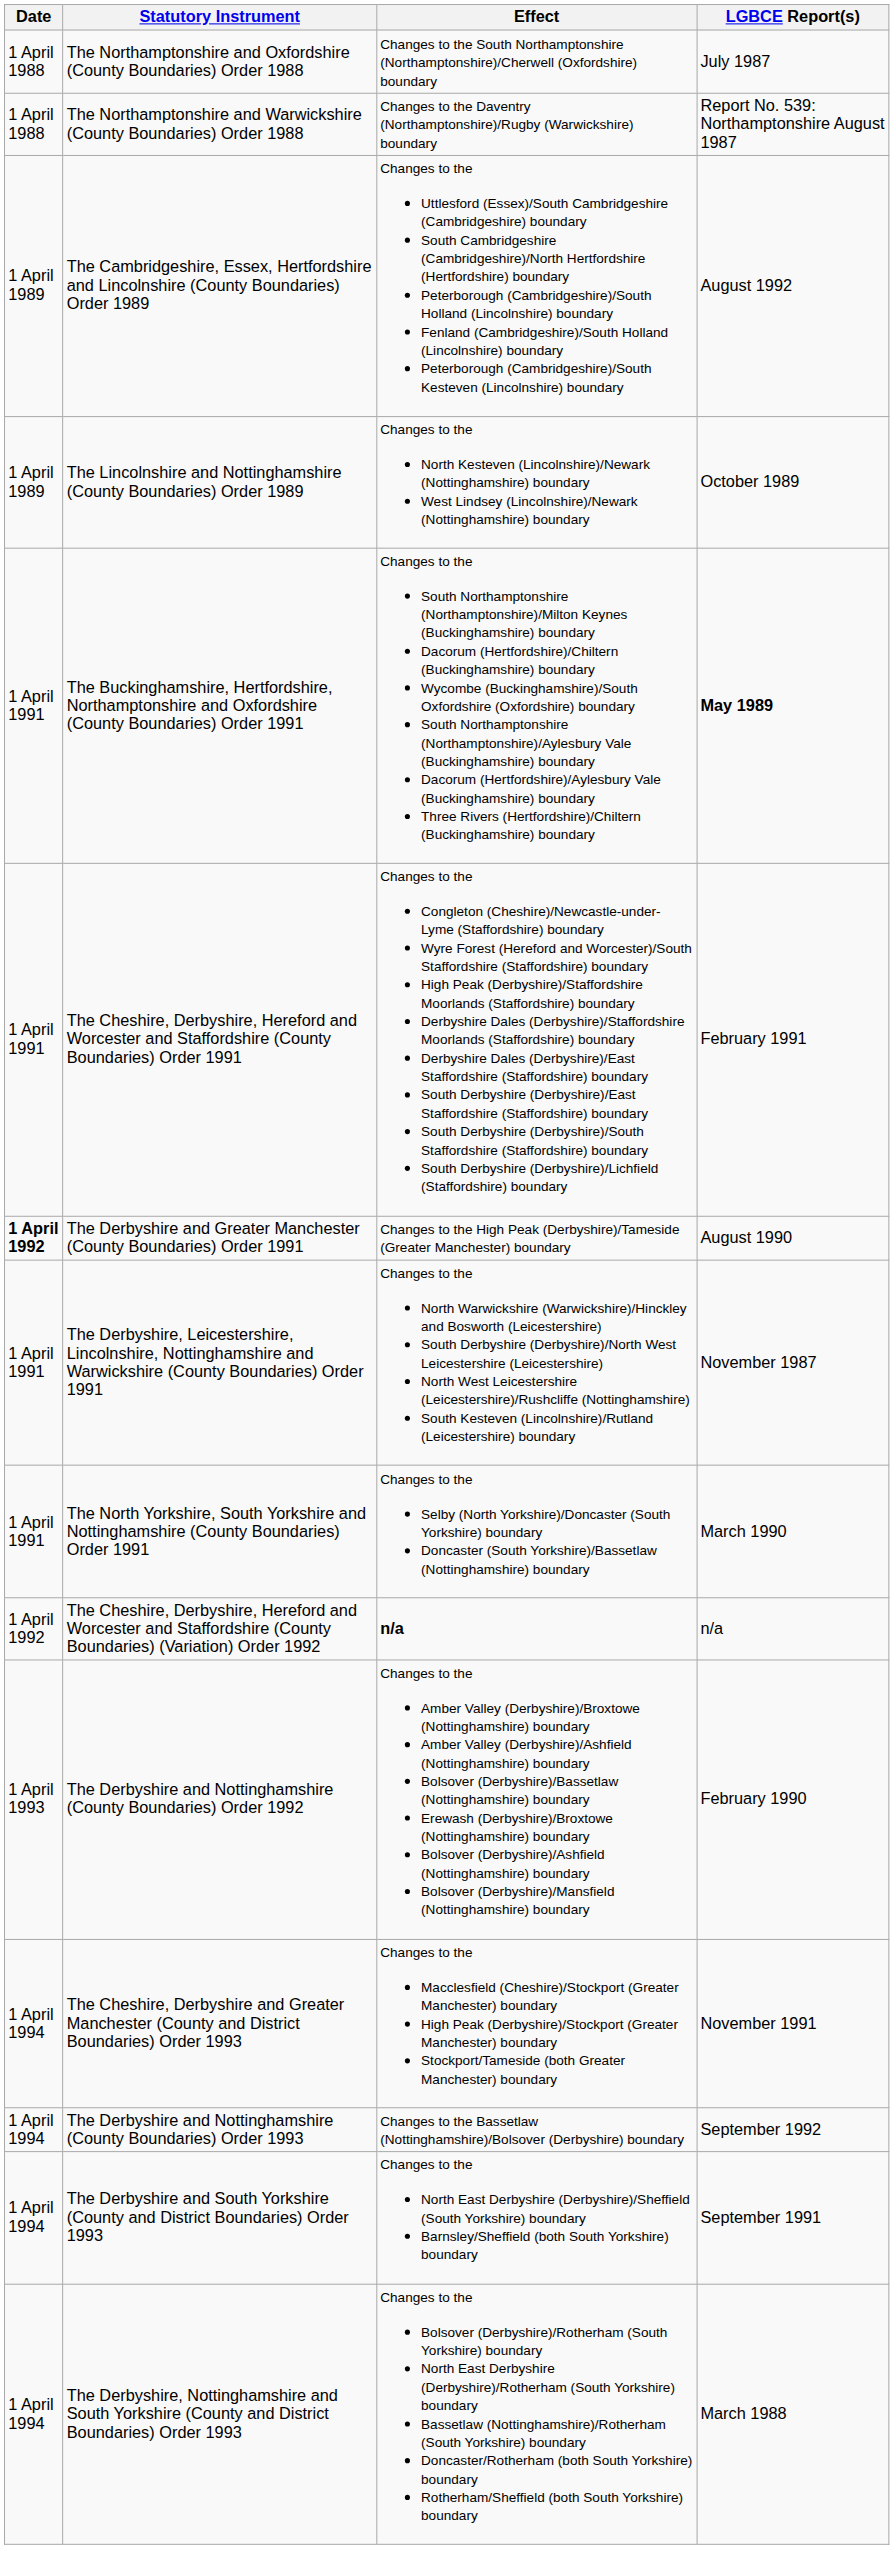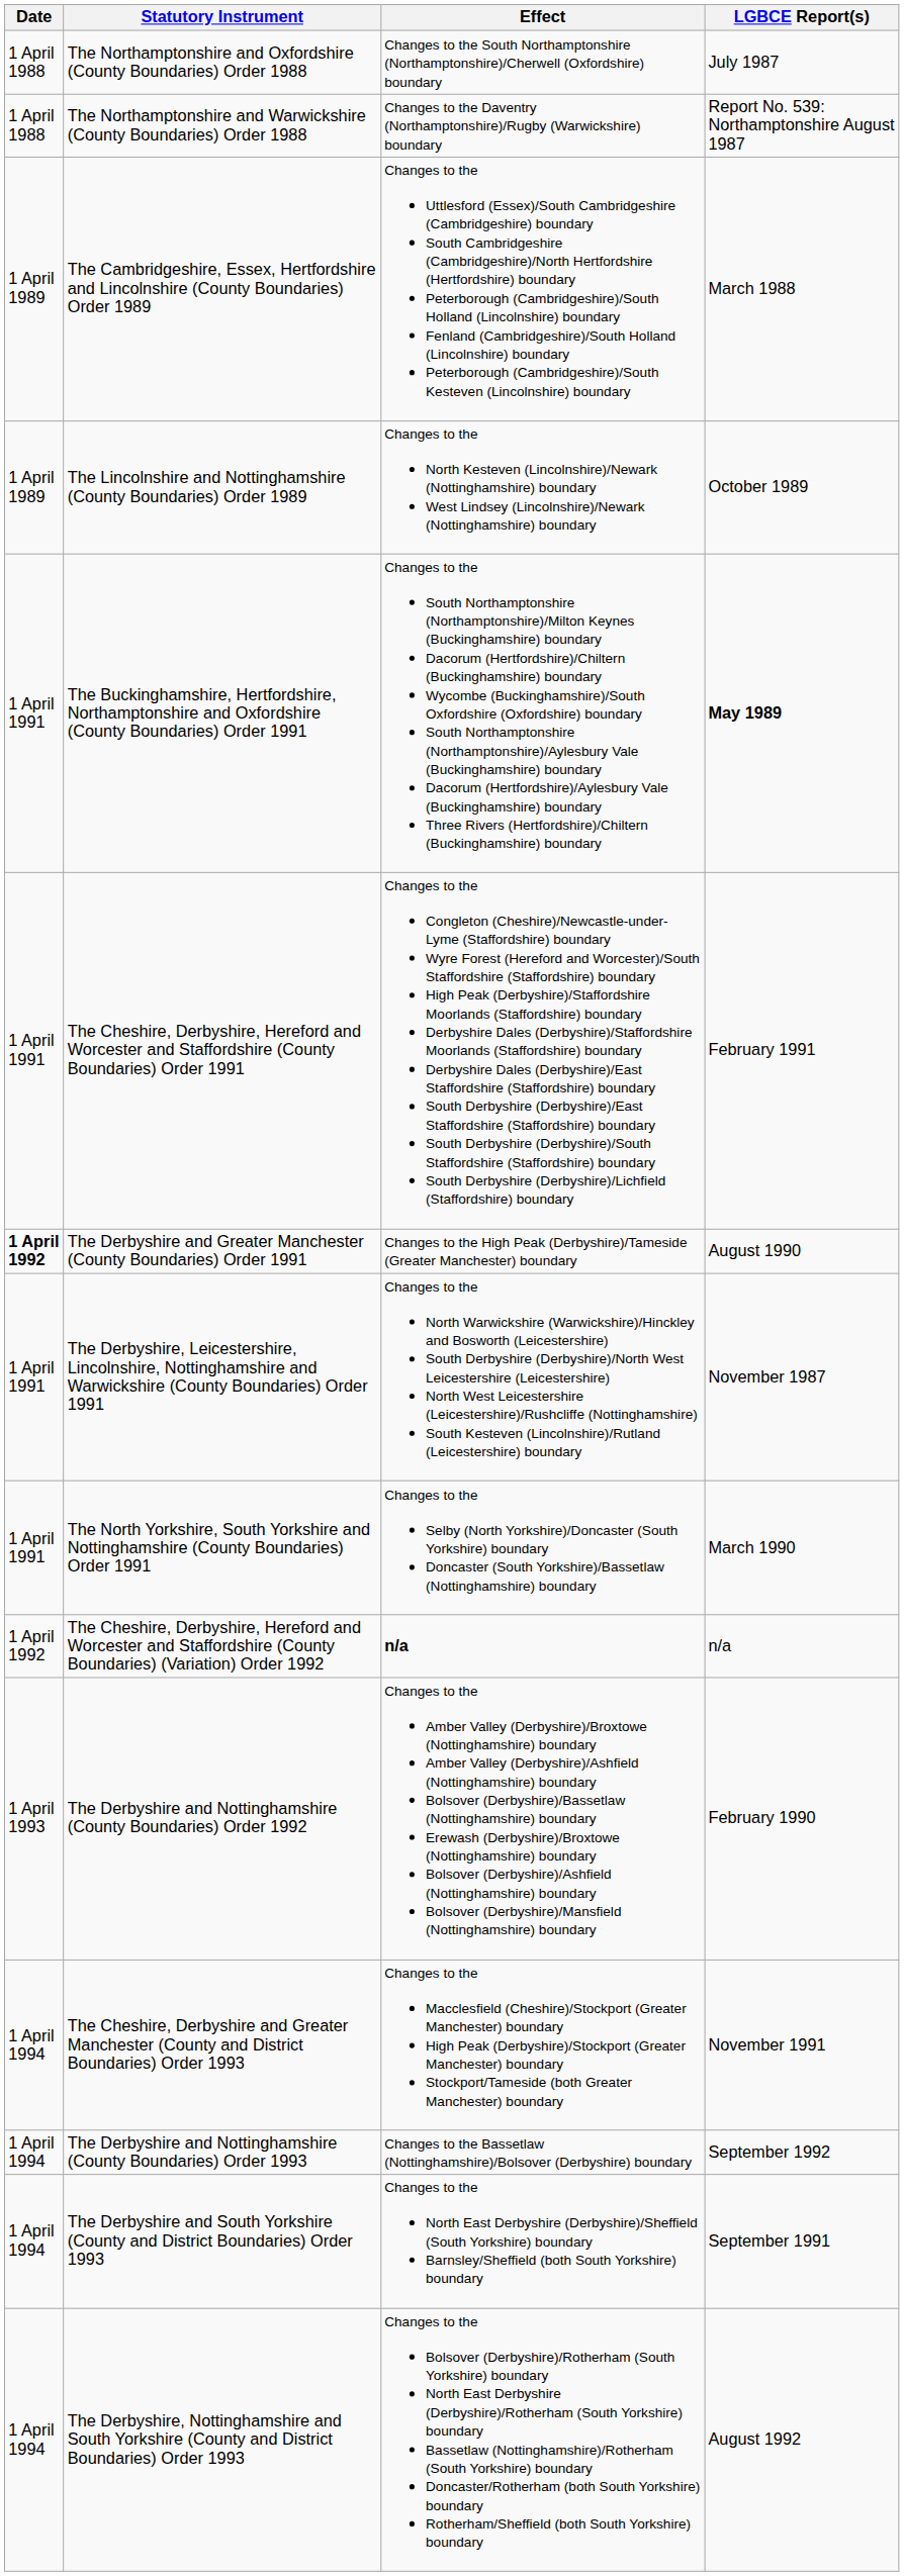 <table class="wikitable sortable">
 <tr>
 <th>Date</th>
 <th><a href='#'>Statutory Instrument</a></th>
 <th>Effect</th>
 <th><a href='#'>LGBCE</a> Report(s)</th>
 </tr>
 <tr>
 <td>1 April 1988</td>
 <td>The Northamptonshire and Oxfordshire (County Boundaries) Order 1988</td>
 <td><small>Changes to the South Northamptonshire (Northamptonshire)/Cherwell (Oxfordshire) boundary</small></td>
 <td> July 1987</td>
 </tr>
 <tr>
 <td>1 April 1988</td>
 <td>The Northamptonshire and Warwickshire (County Boundaries) Order 1988</td>
 <td><small>Changes to the Daventry (Northamptonshire)/Rugby (Warwickshire) boundary</small></td>
 <td>Report No. 539: Northamptonshire August 1987</td>
 </tr>
 <tr>
 <td>1 April 1989</td>
 <td>The Cambridgeshire, Essex, Hertfordshire and Lincolnshire (County Boundaries) Order 1989</td>
 <td><small>Changes to the</small><br><ul><li><small>Uttlesford (Essex)/South Cambridgeshire (Cambridgeshire) boundary</small></li><li><small>South Cambridgeshire (Cambridgeshire)/North Hertfordshire (Hertfordshire) boundary</small></li><li><small>Peterborough (Cambridgeshire)/South Holland (Lincolnshire) boundary</small></li><li><small>Fenland (Cambridgeshire)/South Holland (Lincolnshire) boundary</small></li><li><small>Peterborough (Cambridgeshire)/South Kesteven (Lincolnshire) boundary</small></li></ul></td>
-<td> August 1992</td>
+<td> March 1988</td>
 </tr>
 <tr>
 <td>1 April 1989</td>
 <td>The Lincolnshire and Nottinghamshire (County Boundaries) Order 1989</td>
 <td><small>Changes to the</small><br><ul><li><small>North Kesteven (Lincolnshire)/Newark (Nottinghamshire) boundary</small></li><li><small>West Lindsey (Lincolnshire)/Newark (Nottinghamshire) boundary</small></li></ul></td>
 <td> October 1989</td>
 </tr>
 <tr>
 <td>1 April 1991</td>
 <td>The Buckinghamshire, Hertfordshire, Northamptonshire and Oxfordshire (County Boundaries) Order 1991</td>
 <td><small>Changes to the</small><br><ul><li><small>South Northamptonshire (Northamptonshire)/Milton Keynes (Buckinghamshire) boundary</small></li><li><small>Dacorum (Hertfordshire)/Chiltern (Buckinghamshire) boundary</small></li><li><small>Wycombe (Buckinghamshire)/South Oxfordshire (Oxfordshire) boundary</small></li><li><small>South Northamptonshire (Northamptonshire)/Aylesbury Vale (Buckinghamshire) boundary</small></li><li><small>Dacorum (Hertfordshire)/Aylesbury Vale (Buckinghamshire) boundary</small></li><li><small>Three Rivers (Hertfordshire)/Chiltern (Buckinghamshire) boundary</small></li></ul></td>
 <td><strong> May 1989</strong></td>
 </tr>
 <tr>
 <td>1 April 1991</td>
 <td>The Cheshire, Derbyshire, Hereford and Worcester and Staffordshire (County Boundaries) Order 1991</td>
 <td><small>Changes to the</small><br><ul><li><small>Congleton (Cheshire)/Newcastle-under-Lyme (Staffordshire) boundary</small></li><li><small>Wyre Forest (Hereford and Worcester)/South Staffordshire (Staffordshire) boundary</small></li><li><small>High Peak (Derbyshire)/Staffordshire Moorlands (Staffordshire) boundary</small></li><li><small>Derbyshire Dales (Derbyshire)/Staffordshire Moorlands (Staffordshire) boundary</small></li><li><small>Derbyshire Dales (Derbyshire)/East Staffordshire (Staffordshire) boundary</small></li><li><small>South Derbyshire (Derbyshire)/East Staffordshire (Staffordshire) boundary</small></li><li><small>South Derbyshire (Derbyshire)/South Staffordshire (Staffordshire) boundary</small></li><li><small>South Derbyshire (Derbyshire)/Lichfield (Staffordshire) boundary</small></li></ul></td>
 <td> February 1991</td>
 </tr>
 <tr>
 <td><strong>1 April 1992</strong></td>
 <td>The Derbyshire and Greater Manchester (County Boundaries) Order 1991</td>
 <td><small>Changes to the High Peak (Derbyshire)/Tameside (Greater Manchester) boundary</small></td>
 <td> August 1990</td>
 </tr>
 <tr>
 <td>1 April 1991</td>
 <td>The Derbyshire, Leicestershire, Lincolnshire, Nottinghamshire and Warwickshire (County Boundaries) Order 1991</td>
 <td><small>Changes to the</small><br><ul><li><small>North Warwickshire (Warwickshire)/Hinckley and Bosworth (Leicestershire)</small></li><li><small>South Derbyshire (Derbyshire)/North West Leicestershire (Leicestershire)</small></li><li><small>North West Leicestershire (Leicestershire)/Rushcliffe (Nottinghamshire)</small></li><li><small>South Kesteven (Lincolnshire)/Rutland (Leicestershire) boundary</small></li></ul></td>
 <td> November 1987</td>
 </tr>
 <tr>
 <td>1 April 1991</td>
 <td>The North Yorkshire, South Yorkshire and Nottinghamshire (County Boundaries) Order 1991</td>
 <td><small>Changes to the</small><br><ul><li><small>Selby (North Yorkshire)/Doncaster (South Yorkshire) boundary</small></li><li><small>Doncaster (South Yorkshire)/Bassetlaw (Nottinghamshire) boundary</small></li></ul></td>
 <td> March 1990</td>
 </tr>
 <tr>
 <td>1 April 1992</td>
 <td>The Cheshire, Derbyshire, Hereford and Worcester and Staffordshire (County Boundaries) (Variation) Order 1992</td>
 <td><strong>n/a</strong></td>
 <td>n/a</td>
 </tr>
 <tr>
 <td>1 April 1993</td>
 <td>The Derbyshire and Nottinghamshire (County Boundaries) Order 1992</td>
 <td><small>Changes to the</small><br><ul><li><small>Amber Valley (Derbyshire)/Broxtowe (Nottinghamshire) boundary</small></li><li><small>Amber Valley (Derbyshire)/Ashfield (Nottinghamshire) boundary</small></li><li><small>Bolsover (Derbyshire)/Bassetlaw (Nottinghamshire) boundary</small></li><li><small>Erewash (Derbyshire)/Broxtowe (Nottinghamshire) boundary</small></li><li><small>Bolsover (Derbyshire)/Ashfield (Nottinghamshire) boundary</small></li><li><small>Bolsover (Derbyshire)/Mansfield (Nottinghamshire) boundary</small></li></ul></td>
 <td> February 1990</td>
 </tr>
 <tr>
 <td>1 April 1994</td>
 <td>The Cheshire, Derbyshire and Greater Manchester (County and District Boundaries) Order 1993</td>
 <td><small>Changes to the</small><br><ul><li><small>Macclesfield (Cheshire)/Stockport (Greater Manchester) boundary</small></li><li><small>High Peak (Derbyshire)/Stockport (Greater Manchester) boundary</small></li><li><small>Stockport/Tameside (both Greater Manchester) boundary</small></li></ul></td>
 <td> November 1991</td>
 </tr>
 <tr>
 <td>1 April 1994</td>
 <td>The Derbyshire and Nottinghamshire (County Boundaries) Order 1993</td>
 <td><small>Changes to the Bassetlaw (Nottinghamshire)/Bolsover (Derbyshire) boundary</small></td>
 <td> September 1992</td>
 </tr>
 <tr>
 <td>1 April 1994</td>
 <td>The Derbyshire and South Yorkshire (County and District Boundaries) Order 1993</td>
 <td><small>Changes to the</small><br><ul><li><small>North East Derbyshire (Derbyshire)/Sheffield (South Yorkshire) boundary</small></li><li><small>Barnsley/Sheffield (both South Yorkshire) boundary</small></li></ul></td>
 <td> September 1991</td>
 </tr>
 <tr>
 <td>1 April 1994</td>
 <td>The Derbyshire, Nottinghamshire and South Yorkshire (County and District Boundaries) Order 1993</td>
 <td><small>Changes to the</small><br><ul><li><small>Bolsover (Derbyshire)/Rotherham (South Yorkshire) boundary</small></li><li><small>North East Derbyshire (Derbyshire)/Rotherham (South Yorkshire) boundary</small></li><li><small>Bassetlaw (Nottinghamshire)/Rotherham (South Yorkshire) boundary</small></li><li><small>Doncaster/Rotherham (both South Yorkshire) boundary</small></li><li><small>Rotherham/Sheffield (both South Yorkshire) boundary</small></li></ul></td>
-<td> March 1988</td>
+<td> August 1992</td>
 </tr>
 </table>
